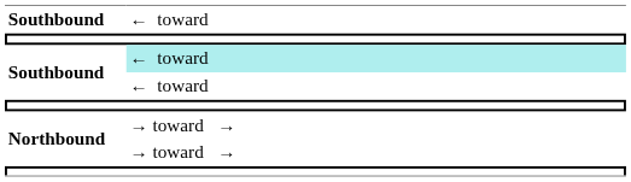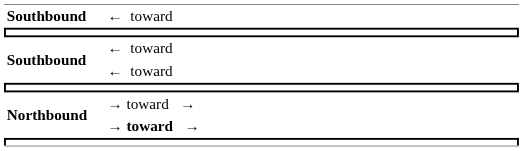 <table table border="0" cellspacing="0" cellpadding="3">
 <tr>
 <td style="border-top:solid 1px gray;" width="100"><strong>Southbound</strong></td>
 <td style="border-top:solid 1px gray;" width="430">←  toward  </td>
 </tr>
 <tr>
 <td style="border-top:solid 2px black;border-right:solid 2px black;border-left:solid 2px black;border-bottom:solid 2px black;text-align:center;" colspan="2"></td>
 </tr>
 <tr>
 <td rowspan=2><strong>Southbound</strong></td>
-<td style="background: paleturquoise;">←  toward  </td>
+<td>←  toward  </td>
 </tr>
 <tr>
 <td>←  toward  </td>
 </tr>
 <tr>
 <td style="border-top:solid 2px black;border-right:solid 2px black;border-left:solid 2px black;border-bottom:solid 2px black;text-align:center;" colspan="2"></td>
 </tr>
 <tr>
 <td rowspan=2><strong>Northbound</strong></td>
 <td><span>→</span>   toward   →</td>
 </tr>
 <tr>
-<td><span>→</span>  toward   →</td>
+<td><strong><span>→</span>  toward   →</strong></td>
 </tr>
 <tr>
 <td style="border-top:solid 2px black;border-right:solid 2px black;border-left:solid 2px black;text-align:center;" colspan="2"></td>
 </tr>
 <tr>
 <td style="border-top:solid 1px gray;" colspan="2"></td>
 </tr>
 </table>
